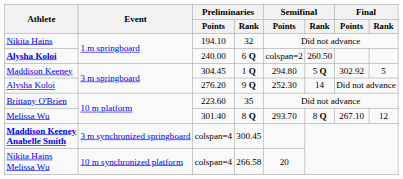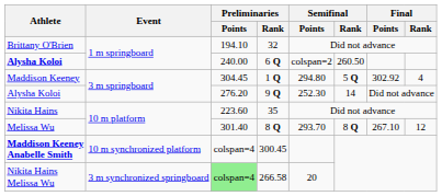 <table class="wikitable" style="text-align:center; font-size:90%;">
 <tr>
 <th rowspan=2>Athlete</th>
 <th rowspan=2>Event</th>
 <th colspan=2>Preliminaries</th>
 <th colspan=2>Semifinal</th>
 <th colspan=2>Final</th>
 </tr>
 <tr style="font-size:95%">
 <th>Points</th>
 <th>Rank</th>
 <th>Points</th>
 <th>Rank</th>
 <th>Points</th>
 <th>Rank</th>
 </tr>
 <tr>
-<td align=left><a href='#'>Nikita Hains</a></td>
+<td align=left><a href='#'>Brittany O'Brien</a></td>
 <td align=left rowspan=2><a href='#'>1 m springboard</a></td>
 <td>194.10</td>
 <td>32</td>
 <td colspan=4>Did not advance</td>
 </tr>
 <tr>
 <td align=left><strong><a href='#'>Alysha Koloi</a></strong></td>
 <td>240.00</td>
 <td>6 <strong>Q</strong></td>
 <td>colspan=2 </td>
 <td>260.50</td>
 <td></td>
 </tr>
 <tr>
 <td align=left><a href='#'>Maddison Keeney</a></td>
 <td align=left rowspan=2><a href='#'>3 m springboard</a></td>
 <td>304.45</td>
 <td>1 <strong>Q</strong></td>
 <td>294.80</td>
 <td>5 <strong>Q</strong></td>
 <td>302.92</td>
-<td>5</td>
+<td>4</td>
 </tr>
 <tr>
 <td align=left><a href='#'>Alysha Koloi</a></td>
 <td>276.20</td>
 <td>9 <strong>Q</strong></td>
 <td>252.30</td>
 <td>14</td>
 <td colspan="2">Did not advance</td>
 </tr>
 <tr>
-<td align=left><a href='#'>Brittany O'Brien</a></td>
+<td align=left><a href='#'>Nikita Hains</a></td>
 <td align=left rowspan=2><a href='#'>10 m platform</a></td>
 <td>223.60</td>
 <td>35</td>
 <td colspan="4">Did not advance</td>
 </tr>
 <tr>
 <td align=left><a href='#'>Melissa Wu</a></td>
 <td>301.40</td>
 <td>8 <strong>Q</strong></td>
 <td>293.70</td>
 <td>8 <strong>Q</strong></td>
 <td>267.10</td>
 <td>12</td>
 </tr>
 <tr>
 <td align=left><strong><a href='#'>Maddison Keeney</a></strong><br><strong><a href='#'>Anabelle Smith</a></strong></td>
-<td align=left><a href='#'>3 m synchronized springboard</a></td>
+<td align=left><a href='#'>10 m synchronized platform</a></td>
 <td>colspan=4 </td>
 <td>300.45</td>
 <td></td>
 </tr>
 <tr>
 <td align=left><a href='#'>Nikita Hains</a><br><a href='#'>Melissa Wu</a></td>
-<td align=left><a href='#'>10 m synchronized platform</a></td>
-<td>colspan=4 </td>
+<td align=left><a href='#'>3 m synchronized springboard</a></td>
+<td style="background: lightgreen;">colspan=4 </td>
 <td>266.58</td>
 <td>20</td>
 </tr>
 </table>
